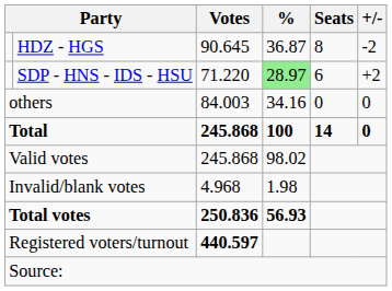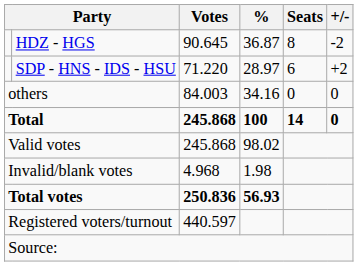 <table class="wikitable" style="text-align: left;">
 <tr>
 <th colspan="2">Party</th>
 <th>Votes</th>
 <th>%</th>
 <th>Seats</th>
 <th>+/-</th>
 </tr>
 <tr>
 <td style="background-color: "></td>
 <td><a href='#'>HDZ</a> - <a href='#'>HGS</a></td>
 <td>90.645</td>
 <td>36.87</td>
 <td>8</td>
 <td>-2</td>
 </tr>
 <tr>
 <td style="background-color: "></td>
 <td><a href='#'>SDP</a> - <a href='#'>HNS</a> - <a href='#'>IDS</a> - <a href='#'>HSU</a></td>
 <td>71.220</td>
-<td style="background: lightgreen;">28.97</td>
+<td>28.97</td>
 <td>6</td>
 <td>+2</td>
 </tr>
 <tr>
 <td colspan="2">others</td>
 <td>84.003</td>
 <td>34.16</td>
 <td>0</td>
 <td>0</td>
 </tr>
 <tr>
 <td colspan="2"><strong>Total</strong></td>
 <td><strong>245.868</strong></td>
 <td><strong>100</strong></td>
 <td><strong>14</strong></td>
 <td><strong>0</strong></td>
 </tr>
 <tr>
 <td colspan="2">Valid votes</td>
 <td>245.868</td>
 <td>98.02</td>
 <td colspan="2"></td>
 </tr>
 <tr>
 <td colspan="2">Invalid/blank votes</td>
 <td>4.968</td>
 <td>1.98</td>
 <td colspan="2"></td>
 </tr>
 <tr>
 <td colspan="2"><strong>Total votes</strong></td>
 <td><strong>250.836</strong></td>
 <td><strong>56.93</strong></td>
 <td colspan="2"></td>
 </tr>
 <tr>
 <td colspan="2">Registered voters/turnout</td>
-<td votes14="5343"><strong>440.597</strong></td>
+<td votes14="5343">440.597</td>
 <td></td>
 <td colspan="2"></td>
 </tr>
 <tr>
 <td colspan="6">Source: </td>
 </tr>
 </table>
